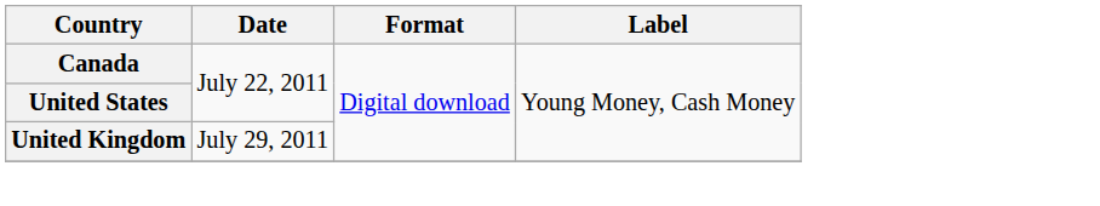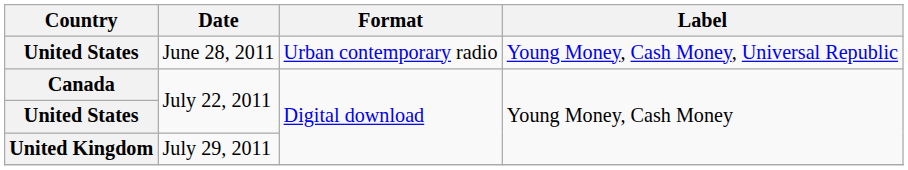 <table class="wikitable plainrowheaders">
 <tr>
 <th scope="col">Country</th>
 <th scope="col">Date</th>
 <th scope="col">Format</th>
 <th scope="col">Label</th>
+</tr>
+<tr>
+<th scope="row">United States</th>
+<td>June 28, 2011</td>
+<td><a href='#'>Urban contemporary</a> radio</td>
+<td><a href='#'>Young Money</a>, <a href='#'>Cash Money</a>, <a href='#'>Universal Republic</a></td>
 </tr>
 <tr>
 <th scope="row">Canada</th>
 <td rowspan="2">July 22, 2011</td>
 <td rowspan="3"><a href='#'>Digital download</a></td>
 <td rowspan="3">Young Money, Cash Money</td>
 </tr>
 <tr>
 <th scope="row">United States</th>
 </tr>
 <tr>
 <th scope="row">United Kingdom</th>
 <td>July 29, 2011</td>
 </tr>
 <tr>
 </tr>
 </table>
